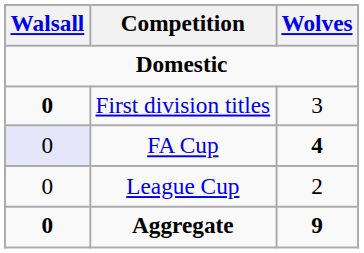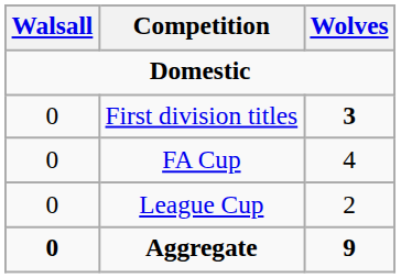 <table class="wikitable" style="text-align: center; font-size: 12px">
 <tr>
 <th><a href='#'>Walsall</a></th>
 <th>Competition</th>
 <th><a href='#'>Wolves</a></th>
 </tr>
 <tr style="text-align:center;">
 <td colspan="4"><strong>Domestic</strong></td>
 </tr>
 <tr style="text-align:center;">
-<td><strong>0</strong></td>
+<td>0</td>
 <td><a href='#'>First division titles</a></td>
-<td>3</td>
+<td><strong>3</strong></td>
 </tr>
 <tr style="text-align:center;">
-<td style="background: lavender;">0</td>
+<td>0</td>
 <td><a href='#'>FA Cup</a></td>
-<td><strong>4</strong></td>
+<td>4</td>
 </tr>
 <tr style="text-align:center;">
 <td>0</td>
 <td><a href='#'>League Cup</a></td>
 <td>2</td>
 </tr>
 <tr align="center">
 <td><strong>0</strong></td>
 <td><strong>Aggregate</strong></td>
 <td><strong>9</strong></td>
 </tr>
 </table>
